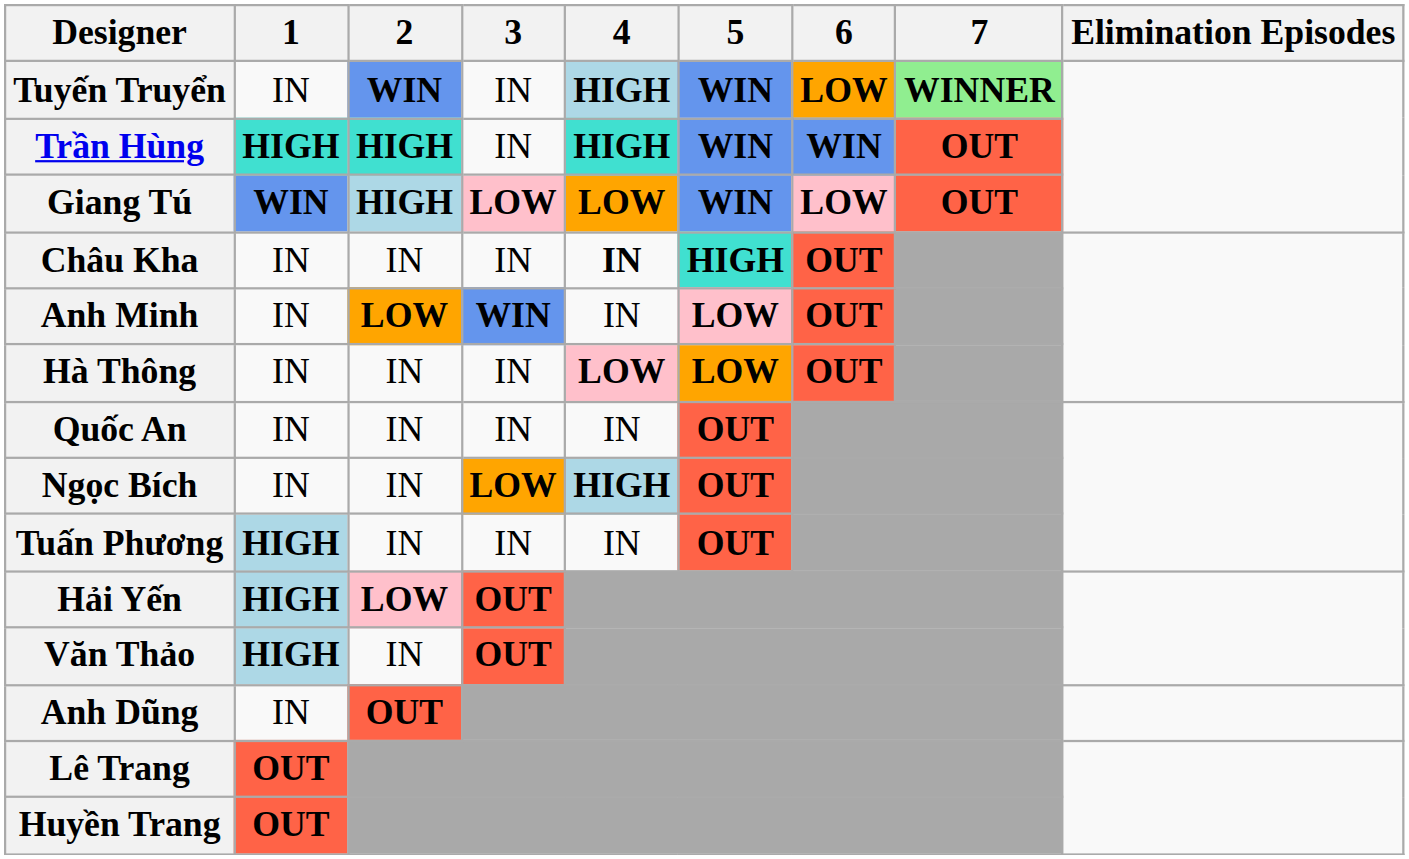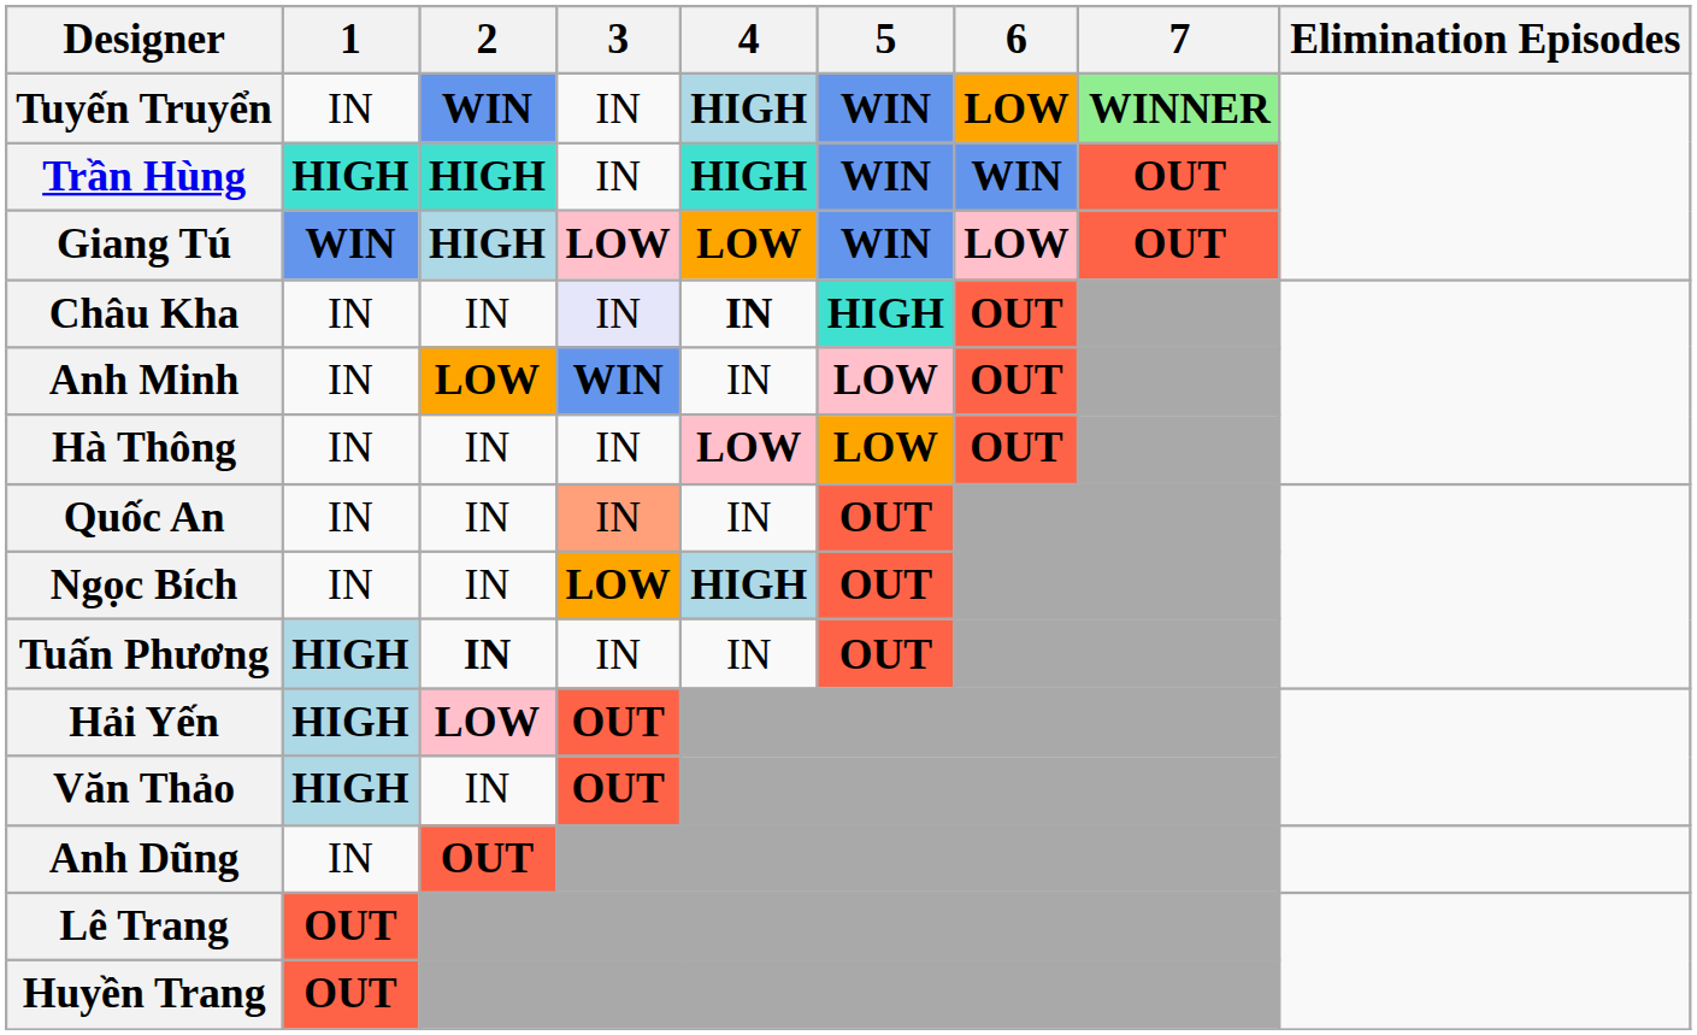 <table class="wikitable" style="text-align:center">
 <tr>
 <th><strong>Designer</strong></th>
 <th>1</th>
 <th>2</th>
 <th>3</th>
 <th>4</th>
 <th>5</th>
 <th>6</th>
 <th>7</th>
 <th>Elimination Episodes</th>
 </tr>
 <tr>
 <th>Tuyến Truyển</th>
 <td>IN</td>
 <td bgcolor="cornflowerblue"><strong>WIN</strong></td>
 <td>IN</td>
 <td bgcolor="lightblue"><strong>HIGH</strong></td>
 <td bgcolor="cornflowerblue"><strong>WIN</strong></td>
 <td bgcolor="orange"><strong>LOW</strong></td>
 <td bgcolor="lightgreen"><strong>WINNER</strong></td>
 <td align="left" rowspan="3"></td>
 </tr>
 <tr>
 <th><a href='#'>Trần Hùng</a></th>
 <td bgcolor="turquoise"><strong>HIGH</strong></td>
 <td bgcolor="turquoise"><strong>HIGH</strong></td>
 <td>IN</td>
 <td bgcolor="turquoise"><strong>HIGH</strong></td>
 <td bgcolor="cornflowerblue"><strong>WIN</strong></td>
 <td bgcolor="cornflowerblue"><strong>WIN</strong></td>
 <td bgcolor="tomato"><strong>OUT</strong></td>
 </tr>
 <tr>
 <th>Giang Tú</th>
 <td bgcolor="cornflowerblue"><strong>WIN</strong></td>
 <td bgcolor="lightblue"><strong>HIGH</strong></td>
 <td bgcolor="pink"><strong>LOW</strong></td>
 <td bgcolor="orange"><strong>LOW</strong></td>
 <td bgcolor="cornflowerblue"><strong>WIN</strong></td>
 <td bgcolor="pink"><strong>LOW</strong></td>
 <td bgcolor="tomato"><strong>OUT</strong></td>
 </tr>
 <tr>
 <th>Châu Kha</th>
 <td>IN</td>
 <td>IN</td>
-<td>IN</td>
+<td style="background: lavender;">IN</td>
 <td><strong>IN</strong></td>
 <td bgcolor="turquoise"><strong>HIGH</strong></td>
 <td bgcolor="tomato"><strong>OUT</strong></td>
 <td bgcolor="darkgray" colspan="1"></td>
 <td align="left" rowspan="3"></td>
 </tr>
 <tr>
 <th>Anh Minh</th>
 <td>IN</td>
 <td bgcolor="orange"><strong>LOW</strong></td>
 <td bgcolor="cornflowerblue"><strong>WIN</strong></td>
 <td>IN</td>
 <td bgcolor="pink"><strong>LOW</strong></td>
 <td bgcolor="tomato"><strong>OUT</strong></td>
 <td bgcolor="darkgray" colspan="1"></td>
 </tr>
 <tr>
 <th>Hà Thông</th>
 <td>IN</td>
 <td>IN</td>
 <td>IN</td>
 <td bgcolor="pink"><strong>LOW</strong></td>
 <td bgcolor="orange"><strong>LOW</strong></td>
 <td bgcolor="tomato"><strong>OUT</strong></td>
 <td bgcolor="darkgray" colspan="1"></td>
 </tr>
 <tr>
 <th>Quốc An</th>
 <td>IN</td>
 <td>IN</td>
-<td>IN</td>
+<td style="background: lightsalmon;">IN</td>
 <td>IN</td>
 <td bgcolor="tomato"><strong>OUT</strong></td>
 <td bgcolor="darkgray" colspan="2"></td>
 <td align="left" rowspan="3"></td>
 </tr>
 <tr>
 <th>Ngọc Bích</th>
 <td>IN</td>
 <td>IN</td>
 <td bgcolor="orange"><strong>LOW</strong></td>
 <td bgcolor="lightblue"><strong>HIGH</strong></td>
 <td bgcolor="tomato"><strong>OUT</strong></td>
 <td bgcolor="darkgray" colspan="2"></td>
 </tr>
 <tr>
 <th>Tuấn Phương</th>
 <td bgcolor="lightblue"><strong>HIGH</strong></td>
-<td>IN</td>
+<td><strong>IN</strong></td>
 <td>IN</td>
 <td>IN</td>
 <td bgcolor="tomato"><strong>OUT</strong></td>
 <td bgcolor="darkgray" colspan="2"></td>
 </tr>
 <tr>
 <th>Hải Yến</th>
 <td bgcolor="lightblue"><strong>HIGH</strong></td>
 <td bgcolor="pink"><strong>LOW</strong></td>
 <td bgcolor="tomato"><strong>OUT</strong></td>
 <td bgcolor="darkgray" colspan="4"></td>
 <td align="left" rowspan="2"></td>
 </tr>
 <tr>
 <th>Văn Thảo</th>
 <td bgcolor="lightblue"><strong>HIGH</strong></td>
 <td>IN</td>
 <td bgcolor="tomato"><strong>OUT</strong></td>
 <td bgcolor="darkgray" colspan="4"></td>
 </tr>
 <tr>
 <th>Anh Dũng</th>
 <td>IN</td>
 <td bgcolor="tomato"><strong>OUT</strong></td>
 <td bgcolor="darkgray" colspan="5"></td>
 <td align="left"></td>
 </tr>
 <tr>
 <th>Lê Trang</th>
 <td bgcolor="tomato"><strong>OUT</strong></td>
 <td bgcolor="darkgray" colspan="6"></td>
 <td align="left" rowspan="2"></td>
 </tr>
 <tr>
 <th>Huyền Trang</th>
 <td bgcolor="tomato"><strong>OUT</strong></td>
 <td bgcolor="darkgray" colspan="6"></td>
 </tr>
 <tr>
 </tr>
 </table>
